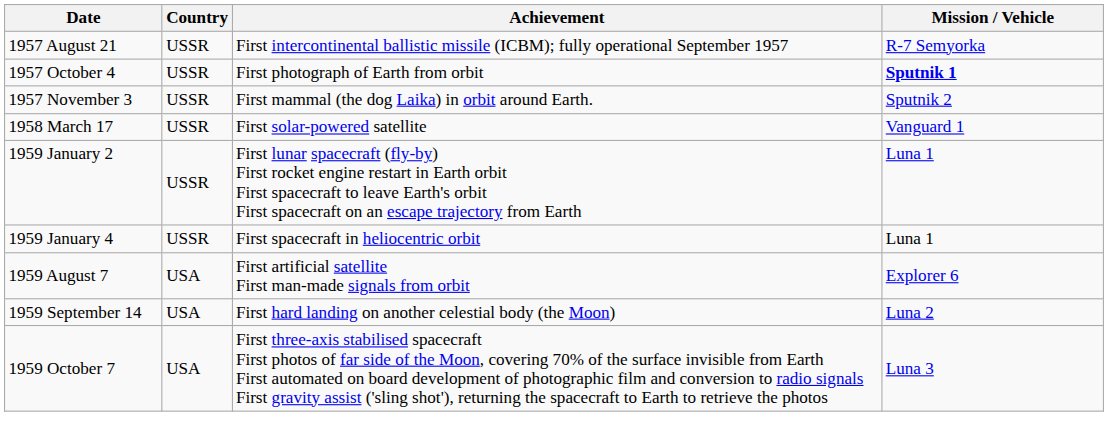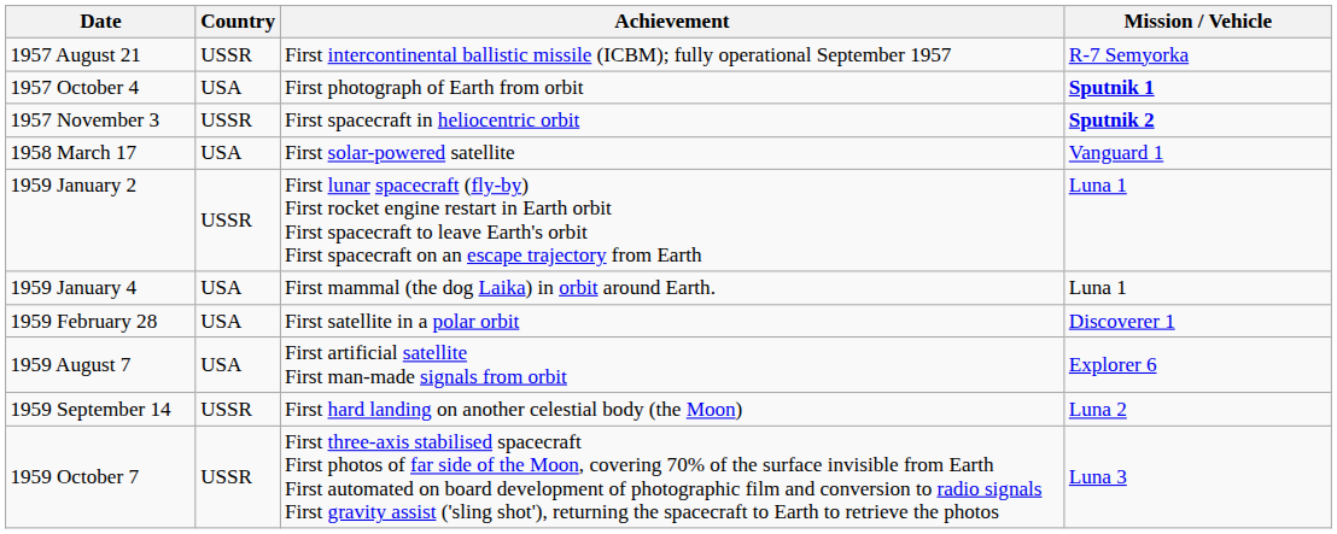 <table class="wikitable">
 <tr>
 <th width="140">Date</th>
 <th width="10">Country</th>
 <th width="600">Achievement</th>
 <th width="200">Mission / Vehicle</th>
 </tr>
 <tr>
 <td>1957 August 21</td>
 <td> USSR</td>
 <td>First <a href='#'>intercontinental ballistic missile</a> (ICBM); fully operational September 1957</td>
 <td><a href='#'>R-7 Semyorka</a></td>
 </tr>
 <tr>
 <td valign=top>1957 October 4</td>
-<td> USSR</td>
+<td> USA</td>
 <td>First photograph of Earth from orbit</td>
 <td><strong><a href='#'>Sputnik 1</a></strong></td>
 </tr>
 <tr>
 <td>1957 November 3</td>
 <td> USSR</td>
-<td>First mammal (the dog <a href='#'>Laika</a>) in <a href='#'>orbit</a> around Earth.</td>
-<td><a href='#'>Sputnik 2</a></td>
+<td>First spacecraft in <a href='#'>heliocentric orbit</a></td>
+<td><strong><a href='#'>Sputnik 2</a></strong></td>
 </tr>
 <tr>
 <td>1958 March 17</td>
-<td> USSR</td>
+<td> USA</td>
 <td>First <a href='#'>solar-powered</a> satellite</td>
 <td><a href='#'>Vanguard 1</a></td>
 </tr>
 <tr>
 <td valign=top>1959 January 2</td>
 <td> USSR</td>
 <td>First <a href='#'>lunar</a> <a href='#'>spacecraft</a> (<a href='#'>fly-by</a>)<br>First rocket engine restart in Earth orbit<br>First spacecraft to leave Earth's orbit<br>First spacecraft on an <a href='#'>escape trajectory</a> from Earth<br></td>
 <td valign=top><a href='#'>Luna 1</a></td>
 </tr>
 <tr>
 <td>1959 January 4</td>
-<td> USSR</td>
-<td>First spacecraft in <a href='#'>heliocentric orbit</a></td>
+<td> USA</td>
+<td>First mammal (the dog <a href='#'>Laika</a>) in <a href='#'>orbit</a> around Earth.</td>
 <td>Luna 1</td>
+</tr>
+<tr>
+<td>1959 February 28</td>
+<td> USA</td>
+<td>First satellite in a <a href='#'>polar orbit</a></td>
+<td><a href='#'>Discoverer 1</a></td>
 </tr>
 <tr>
 <td>1959 August 7</td>
 <td> USA</td>
 <td>First artificial <a href='#'>satellite</a> <br>First man-made <a href='#'>signals from orbit</a></td>
 <td><a href='#'>Explorer 6</a></td>
 </tr>
 <tr>
 <td>1959 September 14</td>
-<td> USA</td>
+<td> USSR</td>
 <td>First <a href='#'>hard landing</a> on another celestial body (the <a href='#'>Moon</a>)</td>
 <td><a href='#'>Luna 2</a></td>
 </tr>
 <tr>
 <td>1959 October 7</td>
-<td> USA</td>
+<td> USSR</td>
 <td>First <a href='#'>three-axis stabilised</a> spacecraft<br>First photos of <a href='#'>far side of the Moon</a>, covering 70% of the surface invisible from Earth<br>First automated on board development of photographic film and conversion to <a href='#'>radio signals</a><br>First <a href='#'>gravity assist</a> ('sling shot'), returning the spacecraft to Earth to retrieve the photos</td>
 <td><a href='#'>Luna 3</a></td>
 </tr>
 </table>
